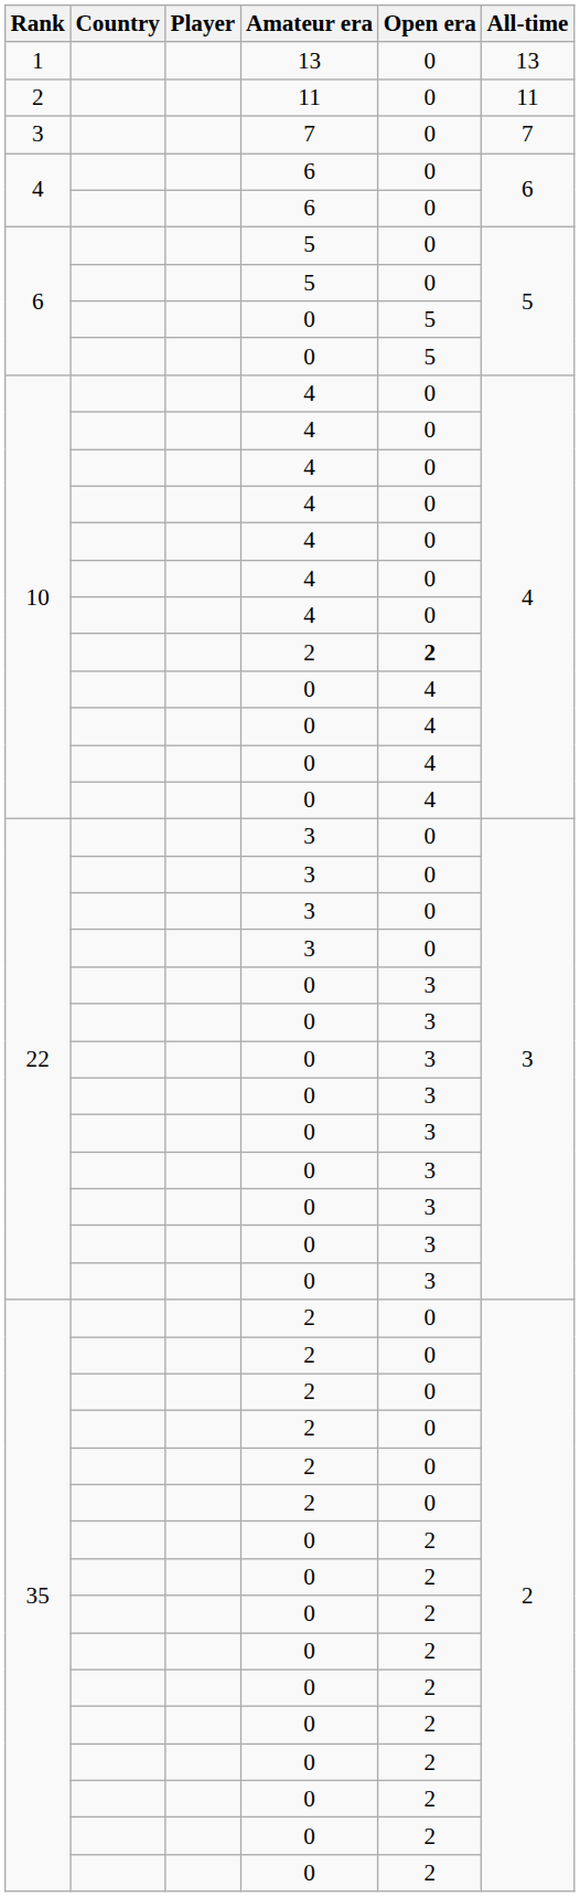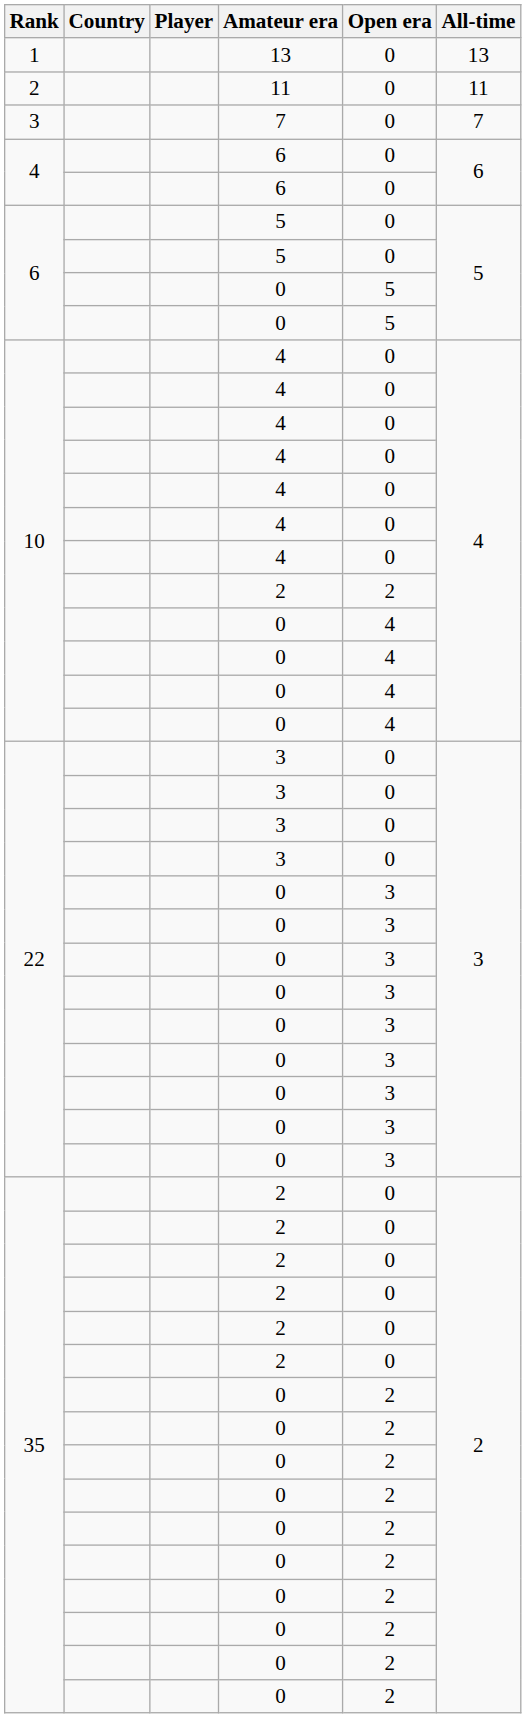 <table class="wikitable sortable">
 <tr>
 <th>Rank</th>
 <th>Country</th>
 <th>Player</th>
 <th>Amateur era</th>
 <th>Open era</th>
 <th>All-time</th>
 </tr>
 <tr>
 <td align=center>1</td>
 <td></td>
 <td></td>
 <td align=center>13</td>
 <td align=center>0</td>
 <td align=center>13</td>
 </tr>
 <tr>
 <td align=center>2</td>
 <td></td>
 <td></td>
 <td align=center>11</td>
 <td align=center>0</td>
 <td align=center>11</td>
 </tr>
 <tr>
 <td align=center>3</td>
 <td></td>
 <td></td>
 <td align=center>7</td>
 <td align=center>0</td>
 <td align=center>7</td>
 </tr>
 <tr>
 <td rowspan=2 align=center>4</td>
 <td></td>
 <td></td>
 <td align=center>6</td>
 <td align=center>0</td>
 <td rowspan=2 align=center>6</td>
 </tr>
 <tr>
 <td></td>
 <td></td>
 <td align=center>6</td>
 <td align=center>0</td>
 </tr>
 <tr>
 <td rowspan=4 align=center>6</td>
 <td></td>
 <td></td>
 <td align=center>5</td>
 <td align=center>0</td>
 <td rowspan=4 align=center>5</td>
 </tr>
 <tr>
 <td></td>
 <td></td>
 <td align=center>5</td>
 <td align=center>0</td>
 </tr>
 <tr>
 <td></td>
 <td></td>
 <td align=center>0</td>
 <td align=center>5</td>
 </tr>
 <tr>
 <td></td>
 <td></td>
 <td align=center>0</td>
 <td align=center>5</td>
 </tr>
 <tr>
 <td rowspan=12 align=center>10</td>
 <td></td>
 <td></td>
 <td align=center>4</td>
 <td align=center>0</td>
 <td rowspan=12 align=center>4</td>
 </tr>
 <tr>
 <td></td>
 <td></td>
 <td align=center>4</td>
 <td align=center>0</td>
 </tr>
 <tr>
 <td></td>
 <td></td>
 <td align=center>4</td>
 <td align=center>0</td>
 </tr>
 <tr>
 <td></td>
 <td></td>
 <td align=center>4</td>
 <td align=center>0</td>
 </tr>
 <tr>
 <td></td>
 <td></td>
 <td align=center>4</td>
 <td align=center>0</td>
 </tr>
 <tr>
 <td></td>
 <td></td>
 <td align=center>4</td>
 <td align=center>0</td>
 </tr>
 <tr>
 <td></td>
 <td></td>
 <td align=center>4</td>
 <td align=center>0</td>
 </tr>
 <tr>
 <td></td>
 <td></td>
 <td align=center>2</td>
-<td align=center><strong>2</strong></td>
+<td align=center>2</td>
 </tr>
 <tr>
 <td></td>
 <td></td>
 <td align=center>0</td>
 <td align=center>4</td>
 </tr>
 <tr>
 <td></td>
 <td></td>
 <td align=center>0</td>
 <td align=center>4</td>
 </tr>
 <tr>
 <td></td>
 <td><strong></strong></td>
 <td align=center>0</td>
 <td align=center>4</td>
 </tr>
 <tr>
 <td></td>
 <td></td>
 <td align=center>0</td>
 <td align=center>4</td>
 </tr>
 <tr>
 <td rowspan=13 align=center>22</td>
 <td></td>
 <td><em></em></td>
 <td align=center>3</td>
 <td align=center>0</td>
 <td rowspan=13 align=center>3</td>
 </tr>
 <tr>
 <td></td>
 <td></td>
 <td align=center>3</td>
 <td align=center>0</td>
 </tr>
 <tr>
 <td></td>
 <td></td>
 <td align=center>3</td>
 <td align=center>0</td>
 </tr>
 <tr>
 <td></td>
 <td></td>
 <td align=center>3</td>
 <td align=center>0</td>
 </tr>
 <tr>
 <td></td>
 <td></td>
 <td align=center>0</td>
 <td align=center>3</td>
 </tr>
 <tr>
 <td></td>
 <td></td>
 <td align=center>0</td>
 <td align=center>3</td>
 </tr>
 <tr>
 <td></td>
 <td><em></em></td>
 <td align=center>0</td>
 <td align=center>3</td>
 </tr>
 <tr>
 <td></td>
 <td></td>
 <td align=center>0</td>
 <td align=center>3</td>
 </tr>
 <tr>
 <td></td>
 <td></td>
 <td align=center>0</td>
 <td align=center>3</td>
 </tr>
 <tr>
 <td></td>
 <td></td>
 <td align=center>0</td>
 <td align=center>3</td>
 </tr>
 <tr>
 <td></td>
 <td><strong></strong></td>
 <td align=center>0</td>
 <td align=center>3</td>
 </tr>
 <tr>
 <td></td>
 <td><strong></strong></td>
 <td align=center>0</td>
 <td align=center>3</td>
 </tr>
 <tr>
 <td></td>
 <td><strong></strong></td>
 <td align=center>0</td>
 <td align=center>3</td>
 </tr>
 <tr>
 <td rowspan=17 align=center>35</td>
 <td></td>
 <td><em></em></td>
 <td align=center>2</td>
 <td align=center>0</td>
 <td rowspan=17 align=center>2</td>
 </tr>
 <tr>
 <td></td>
 <td></td>
 <td align=center>2</td>
 <td align=center>0</td>
 </tr>
 <tr>
 <td></td>
 <td></td>
 <td align=center>2</td>
 <td align=center>0</td>
 </tr>
 <tr>
 <td></td>
 <td></td>
 <td align=center>2</td>
 <td align=center>0</td>
 </tr>
 <tr>
 <td></td>
 <td></td>
 <td align=center>2</td>
 <td align=center>0</td>
 </tr>
 <tr>
 <td></td>
 <td><em></em></td>
 <td align=center>2</td>
 <td align=center>0</td>
 </tr>
 <tr>
 <td></td>
 <td></td>
 <td align=center>0</td>
 <td align=center>2</td>
 </tr>
 <tr>
 <td></td>
 <td></td>
 <td align=center>0</td>
 <td align=center>2</td>
 </tr>
 <tr>
 <td></td>
 <td><em></em></td>
 <td align=center>0</td>
 <td align=center>2</td>
 </tr>
 <tr>
 <td></td>
 <td></td>
 <td align=center>0</td>
 <td align=center>2</td>
 </tr>
 <tr>
 <td></td>
 <td><em></em></td>
 <td align=center>0</td>
 <td align=center>2</td>
 </tr>
 <tr>
 <td></td>
 <td></td>
 <td align=center>0</td>
 <td align=center>2</td>
 </tr>
 <tr>
 <td></td>
 <td></td>
 <td align=center>0</td>
 <td align=center>2</td>
 </tr>
 <tr>
 <td></td>
 <td><strong><em></em></strong></td>
 <td align=center>0</td>
 <td align=center>2</td>
 </tr>
 <tr>
 <td></td>
 <td><strong></strong></td>
 <td align=center>0</td>
 <td align=center>2</td>
 </tr>
 <tr>
 <td></td>
 <td><strong></strong></td>
 <td align=center>0</td>
 <td align=center>2</td>
 </tr>
 </table>
